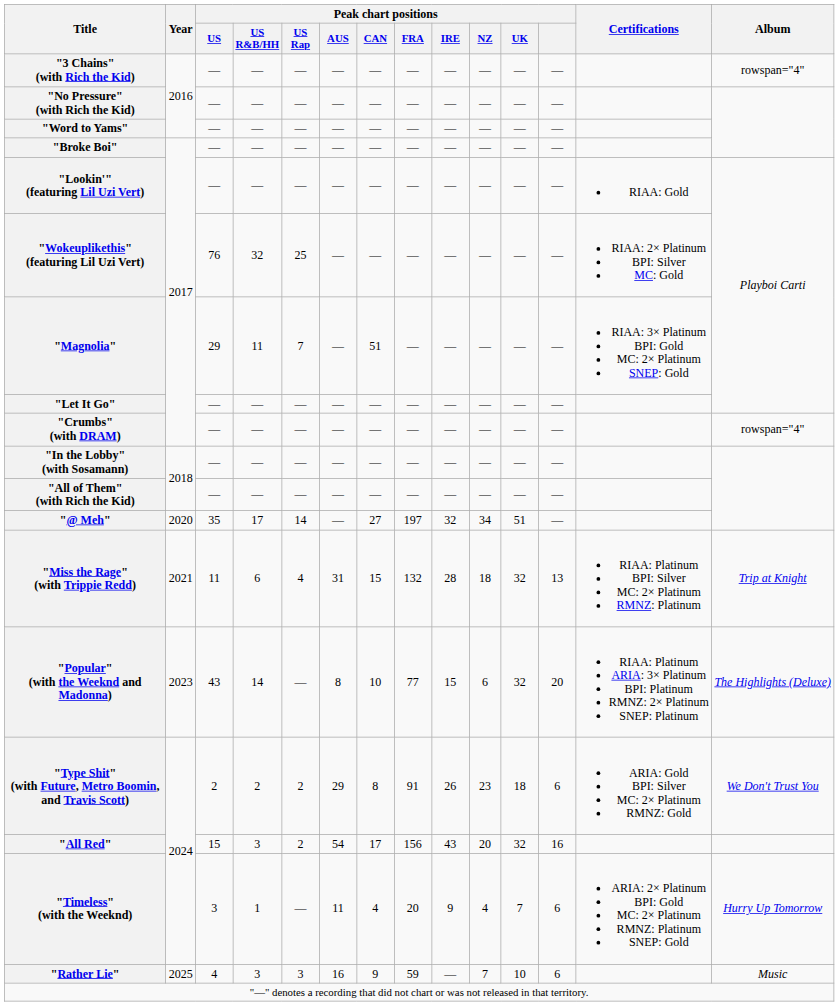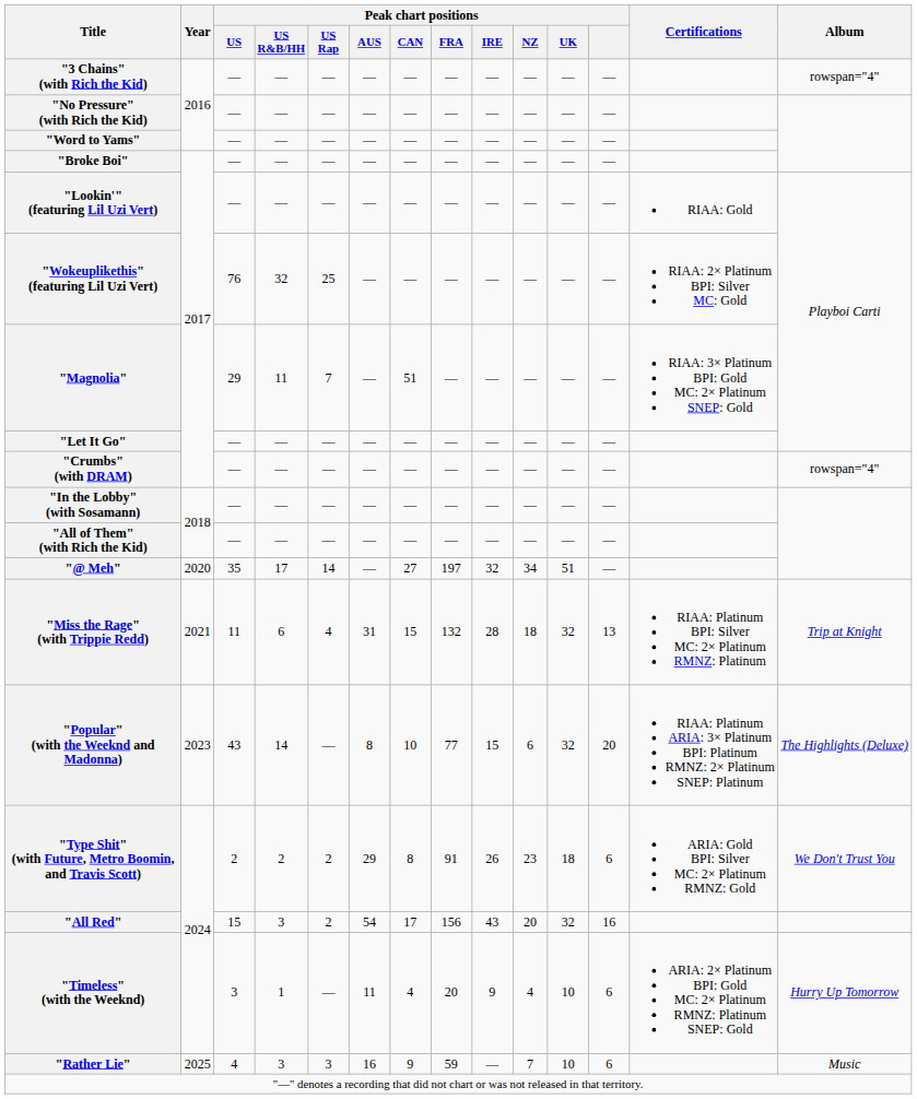 <table class="wikitable plainrowheaders" style="text-align:center;">
 <tr>
 <th scope="col" rowspan="2" style="width:13em;">Title</th>
 <th scope="col" rowspan="2">Year</th>
 <th scope="col" colspan="10">Peak chart positions</th>
 <th scope="col" rowspan="2"><a href='#'>Certifications</a></th>
 <th scope="col" rowspan="2">Album</th>
 </tr>
 <tr>
 <th scope="col" style="width:3em;font-size:90%;"><a href='#'>US</a><br></th>
 <th scope="col" style="width:3em;font-size:90%;"><a href='#'>US<br>R&B/HH</a><br></th>
 <th scope="col" style="width:3em;font-size:90%;"><a href='#'>US<br>Rap</a><br></th>
 <th scope="col" style="width:3em;font-size:90%;"><a href='#'>AUS</a><br></th>
 <th scope="col" style="width:3em;font-size:90%;"><a href='#'>CAN</a><br></th>
 <th scope="col" style="width:3em;font-size:90%;"><a href='#'>FRA</a><br></th>
 <th scope="col" style="width:3em;font-size:90%;"><a href='#'>IRE</a><br></th>
 <th scope="col" style="width:2.5em;font-size:90%;"><a href='#'>NZ</a><br></th>
 <th scope="col" style="width:3em;font-size:90%;"><a href='#'>UK</a><br></th>
 <th scope="col" style="width:3em;font-size:90%;"><a href='#'></a><br></th>
 </tr>
 <tr>
 <th scope="row">"3 Chains"<br><span>(with <a href='#'>Rich the Kid</a>)</span></th>
 <td rowspan="3">2016</td>
 <td>—</td>
 <td>—</td>
 <td>—</td>
 <td>—</td>
 <td>—</td>
 <td>—</td>
 <td>—</td>
 <td>—</td>
 <td>—</td>
 <td>—</td>
 <td></td>
 <td>rowspan="4" </td>
 </tr>
 <tr>
 <th scope="row">"No Pressure"<br><span>(with Rich the Kid)</span></th>
 <td>—</td>
 <td>—</td>
 <td>—</td>
 <td>—</td>
 <td>—</td>
 <td>—</td>
 <td>—</td>
 <td>—</td>
 <td>—</td>
 <td>—</td>
 <td></td>
 </tr>
 <tr>
 <th scope="row">"Word to Yams"</th>
 <td>—</td>
 <td>—</td>
 <td>—</td>
 <td>—</td>
 <td>—</td>
 <td>—</td>
 <td>—</td>
 <td>—</td>
 <td>—</td>
 <td>—</td>
 <td></td>
 </tr>
 <tr>
 <th scope="row">"Broke Boi"</th>
 <td rowspan="6">2017</td>
 <td>—</td>
 <td>—</td>
 <td>—</td>
 <td>—</td>
 <td>—</td>
 <td>—</td>
 <td>—</td>
 <td>—</td>
 <td>—</td>
 <td>—</td>
 <td></td>
 </tr>
 <tr>
 <th scope="row">"Lookin'"<br><span>(featuring <a href='#'>Lil Uzi Vert</a>)</span></th>
 <td>—</td>
 <td>—</td>
 <td>—</td>
 <td>—</td>
 <td>—</td>
 <td>—</td>
 <td>—</td>
 <td>—</td>
 <td>—</td>
 <td>—</td>
 <td><br><ul><li>RIAA: Gold</li></ul></td>
 <td rowspan="4"><em>Playboi Carti</em></td>
 </tr>
 <tr>
 <th scope="row">"<a href='#'>Wokeuplikethis</a>"<br><span>(featuring Lil Uzi Vert)</span></th>
 <td>76</td>
 <td>32</td>
 <td>25</td>
 <td>—</td>
 <td>—</td>
 <td>—</td>
 <td>—</td>
 <td>—</td>
 <td>—</td>
 <td>—</td>
 <td><br><ul><li>RIAA: 2× Platinum</li><li>BPI: Silver</li><li><a href='#'>MC</a>: Gold</li></ul></td>
 </tr>
 <tr>
 <th scope="row">"<a href='#'>Magnolia</a>"</th>
 <td>29</td>
 <td>11</td>
 <td>7</td>
 <td>—</td>
 <td>51</td>
 <td>—</td>
 <td>—</td>
 <td>—</td>
 <td>—</td>
 <td>—</td>
 <td><br><ul><li>RIAA: 3× Platinum</li><li>BPI: Gold</li><li>MC: 2× Platinum</li><li><a href='#'>SNEP</a>: Gold</li></ul></td>
 </tr>
 <tr>
 <th scope="row">"Let It Go"</th>
 <td>—</td>
 <td>—</td>
 <td>—</td>
 <td>—</td>
 <td>—</td>
 <td>—</td>
 <td>—</td>
 <td>—</td>
 <td>—</td>
 <td>—</td>
 <td></td>
 </tr>
 <tr>
 <th scope="row">"Crumbs"<br><span>(with <a href='#'>DRAM</a>)</span></th>
 <td>—</td>
 <td>—</td>
 <td>—</td>
 <td>—</td>
 <td>—</td>
 <td>—</td>
 <td>—</td>
 <td>—</td>
 <td>—</td>
 <td>—</td>
 <td></td>
 <td>rowspan="4" </td>
 </tr>
 <tr>
 <th scope="row">"In the Lobby"<br><span>(with Sosamann)</span></th>
 <td rowspan="2">2018</td>
 <td>—</td>
 <td>—</td>
 <td>—</td>
 <td>—</td>
 <td>—</td>
 <td>—</td>
 <td>—</td>
 <td>—</td>
 <td>—</td>
 <td>—</td>
 <td></td>
 </tr>
 <tr>
 <th scope="row">"All of Them"<br><span>(with Rich the Kid)</span></th>
 <td>—</td>
 <td>—</td>
 <td>—</td>
 <td>—</td>
 <td>—</td>
 <td>—</td>
 <td>—</td>
 <td>—</td>
 <td>—</td>
 <td>—</td>
 <td></td>
 </tr>
 <tr>
 <th scope="row">"<a href='#'>@ Meh</a>"</th>
 <td>2020</td>
 <td>35</td>
 <td>17</td>
 <td>14</td>
 <td>—</td>
 <td>27</td>
 <td>197</td>
 <td>32</td>
 <td>34</td>
 <td>51</td>
 <td>—</td>
 <td></td>
 </tr>
 <tr>
 <th scope="row">"<a href='#'>Miss the Rage</a>"<br><span>(with <a href='#'>Trippie Redd</a>)</span></th>
 <td>2021</td>
 <td>11</td>
 <td>6</td>
 <td>4</td>
 <td>31</td>
 <td>15</td>
 <td>132</td>
 <td>28</td>
 <td>18</td>
 <td>32</td>
 <td>13</td>
 <td><br><ul><li>RIAA: Platinum</li><li>BPI: Silver</li><li>MC: 2× Platinum</li><li><a href='#'>RMNZ</a>: Platinum</li></ul></td>
 <td><em><a href='#'>Trip at Knight</a></em></td>
 </tr>
 <tr>
 <th scope="row">"<a href='#'>Popular</a>"<br><span>(with <a href='#'>the Weeknd</a> and <a href='#'>Madonna</a>)</span></th>
 <td>2023</td>
 <td>43</td>
 <td>14</td>
 <td>—</td>
 <td>8</td>
 <td>10</td>
 <td>77</td>
 <td>15</td>
 <td>6</td>
 <td>32</td>
 <td>20</td>
 <td><br><ul><li>RIAA: Platinum</li><li><a href='#'>ARIA</a>: 3× Platinum</li><li>BPI: Platinum</li><li>RMNZ: 2× Platinum</li><li>SNEP: Platinum</li></ul></td>
 <td><em><a href='#'>The Highlights (Deluxe)</a></em></td>
 </tr>
 <tr>
 <th scope="row">"<a href='#'>Type Shit</a>"<br><span>(with <a href='#'>Future</a>, <a href='#'>Metro Boomin</a>, and <a href='#'>Travis Scott</a>)</span></th>
 <td rowspan="3">2024</td>
 <td>2</td>
 <td>2</td>
 <td>2</td>
 <td>29</td>
 <td>8</td>
 <td>91</td>
 <td>26</td>
 <td>23</td>
 <td>18</td>
 <td>6</td>
 <td><br><ul><li>ARIA: Gold</li><li>BPI: Silver</li><li>MC: 2× Platinum</li><li>RMNZ: Gold</li></ul></td>
 <td><em><a href='#'>We Don't Trust You</a></em></td>
 </tr>
 <tr>
 <th scope="row">"<a href='#'>All Red</a>"</th>
 <td>15</td>
 <td>3</td>
 <td>2</td>
 <td>54</td>
 <td>17</td>
 <td>156</td>
 <td>43</td>
 <td>20</td>
 <td>32</td>
 <td>16</td>
 <td></td>
 <td></td>
 </tr>
 <tr>
 <th scope="row">"<a href='#'>Timeless</a>"<br><span>(with the Weeknd)</span></th>
 <td>3</td>
 <td>1</td>
 <td>—</td>
 <td>11</td>
 <td>4</td>
 <td>20</td>
 <td>9</td>
 <td>4</td>
-<td>7</td>
+<td>10</td>
 <td>6</td>
 <td><br><ul><li>ARIA: 2× Platinum</li><li>BPI: Gold</li><li>MC: 2× Platinum</li><li>RMNZ: Platinum</li><li>SNEP: Gold</li></ul></td>
 <td><em><a href='#'>Hurry Up Tomorrow</a></em></td>
 </tr>
 <tr>
 <th scope="row">"<a href='#'>Rather Lie</a>"<br></th>
 <td>2025</td>
 <td>4</td>
 <td>3</td>
 <td>3</td>
 <td>16</td>
 <td>9</td>
 <td>59<br></td>
 <td>—</td>
 <td>7</td>
 <td>10</td>
 <td>6</td>
 <td></td>
 <td><em>Music</em></td>
 </tr>
 <tr>
 <td colspan="14" style="font-size:90%">"—" denotes a recording that did not chart or was not released in that territory.</td>
 </tr>
 </table>
